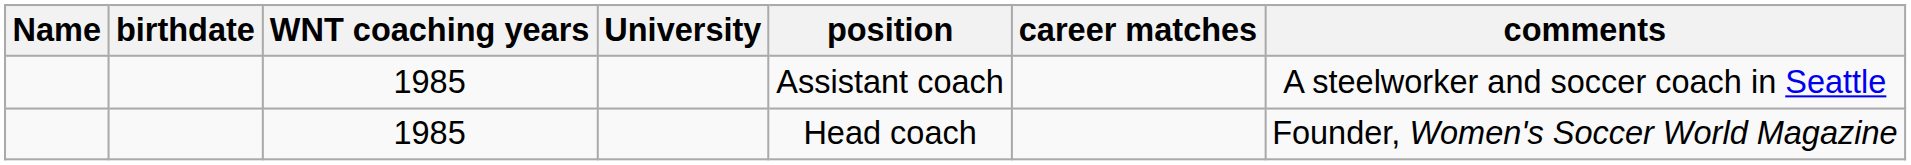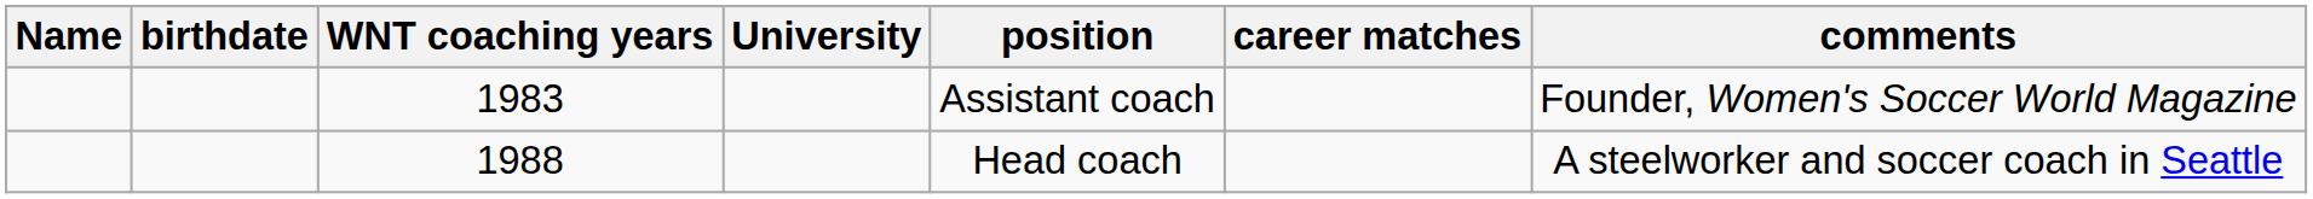 <table class="wikitable sortable" style="text-align:center;">
 <tr>
 <th>Name</th>
 <th>birthdate</th>
 <th>WNT coaching years</th>
 <th>University</th>
 <th>position</th>
 <th>career matches</th>
 <th>comments</th>
 </tr>
 <tr>
 <td></td>
 <td></td>
-<td>1985</td>
+<td>1983</td>
 <td></td>
 <td>Assistant coach</td>
 <td></td>
-<td>A steelworker and soccer coach in <a href='#'>Seattle</a></td>
+<td>Founder, <em>Women's Soccer World Magazine</em></td>
 </tr>
 <tr>
 <td></td>
 <td></td>
-<td>1985</td>
+<td>1988</td>
 <td></td>
 <td>Head coach</td>
 <td></td>
-<td>Founder, <em>Women's Soccer World Magazine</em></td>
+<td>A steelworker and soccer coach in <a href='#'>Seattle</a></td>
 </tr>
 </table>
